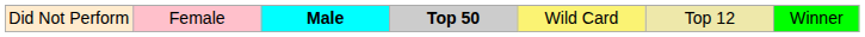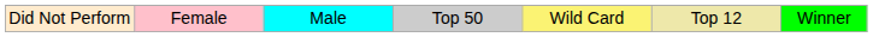 <table class="wikitable" style="margin:1em auto; text-align:center;">
 <tr>
 </tr>
 <tr>
 <td style="background:#FFEBCD;" width="15%">Did Not Perform</td>
 <td style="background:pink;" width="15%">Female</td>
-<td style="background:cyan;" width="15%"><strong>Male</strong></td>
-<td style="background:#CCCCCC;" width="15%"><strong>Top 50</strong></td>
+<td style="background:cyan;" width="15%">Male</td>
+<td style="background:#CCCCCC;" width="15%">Top 50</td>
 <td style="background:#FBF373;" width="15%">Wild Card</td>
 <td style="background:palegoldenrod;" width="15%">Top 12</td>
 <td style="background:lime;" width="15%">Winner</td>
 </tr>
 </table>
